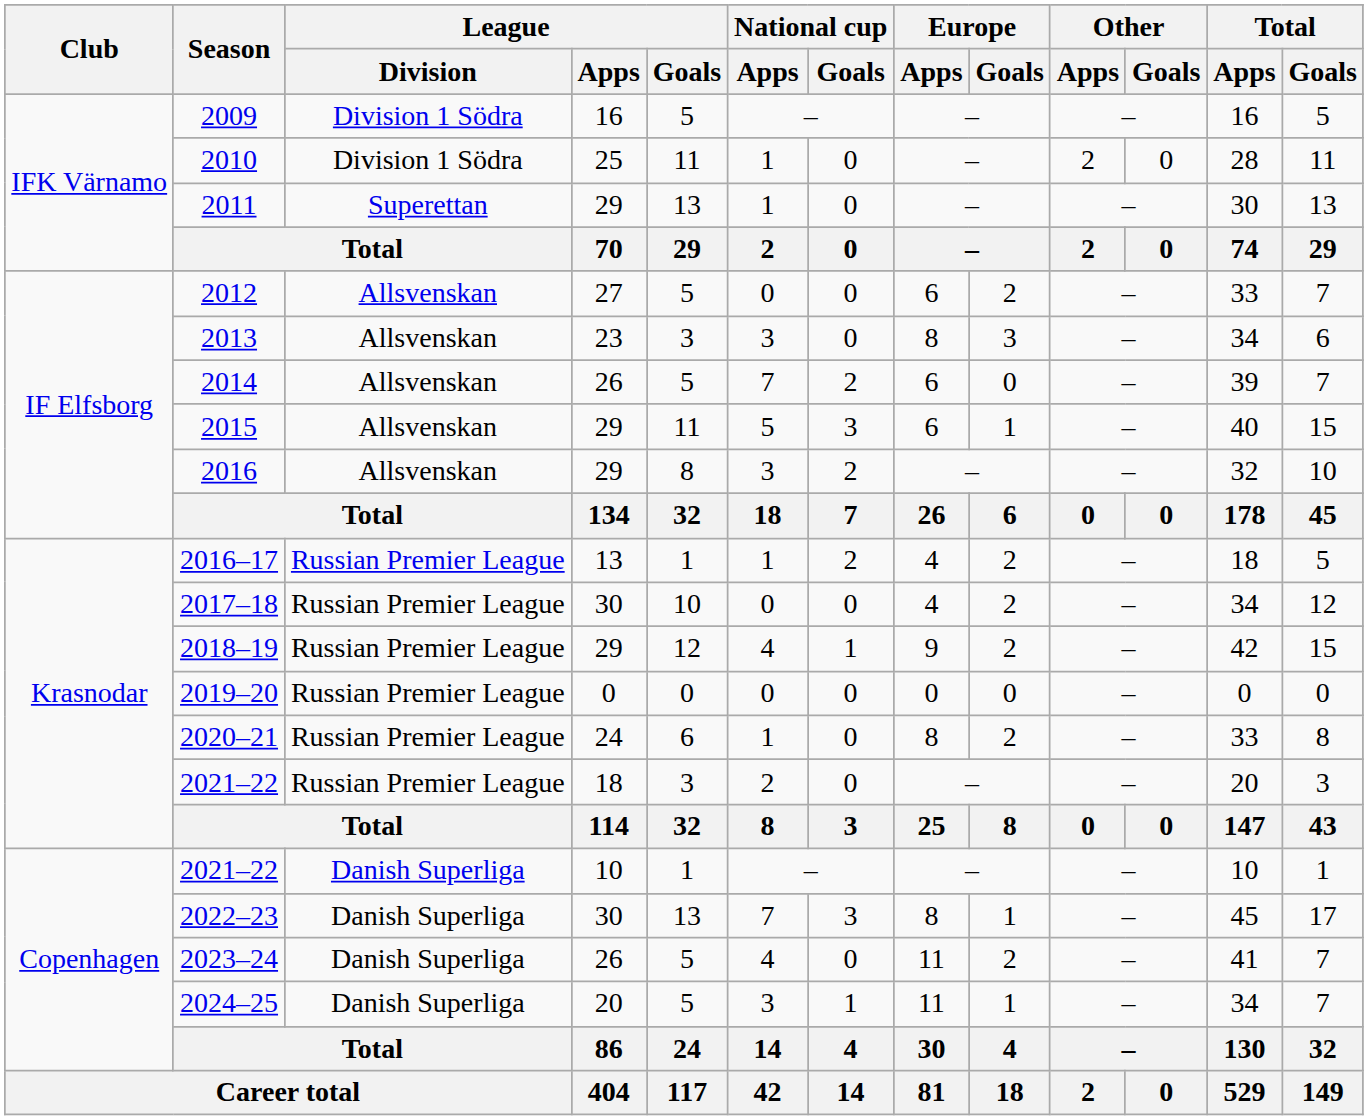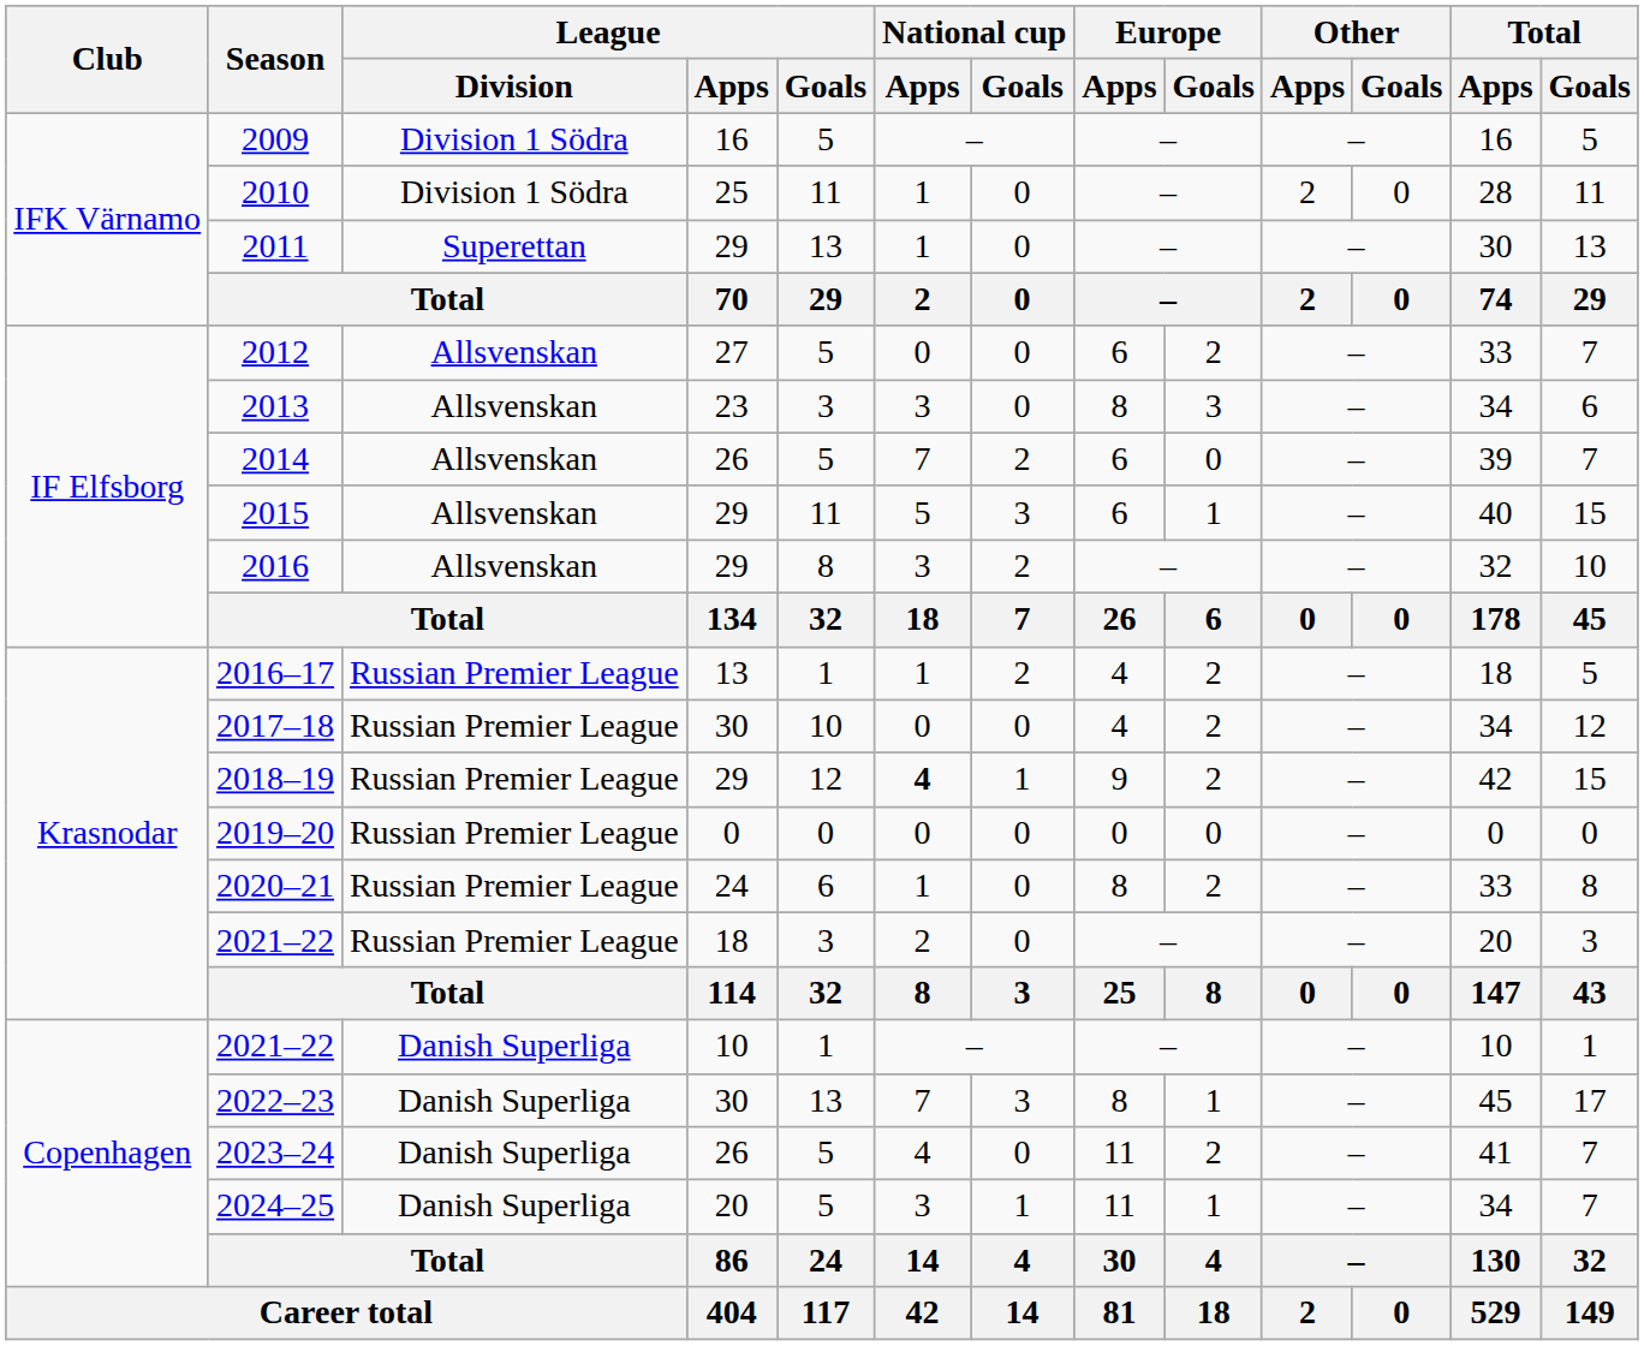 <table class="wikitable" style="text-align: center;">
 <tr>
 <th rowspan="2">Club</th>
 <th rowspan="2">Season</th>
 <th colspan="3">League</th>
 <th colspan="2">National cup</th>
 <th colspan="2">Europe</th>
 <th colspan="2">Other</th>
 <th colspan="2">Total</th>
 </tr>
 <tr>
 <th>Division</th>
 <th>Apps</th>
 <th>Goals</th>
 <th>Apps</th>
 <th>Goals</th>
 <th>Apps</th>
 <th>Goals</th>
 <th>Apps</th>
 <th>Goals</th>
 <th>Apps</th>
 <th>Goals</th>
 </tr>
 <tr>
 <td rowspan="4"><a href='#'>IFK Värnamo</a></td>
 <td><a href='#'>2009</a></td>
 <td><a href='#'>Division 1 Södra</a></td>
 <td>16</td>
 <td>5</td>
 <td colspan="2">–</td>
 <td colspan="2">–</td>
 <td colspan="2">–</td>
 <td>16</td>
 <td>5</td>
 </tr>
 <tr>
 <td><a href='#'>2010</a></td>
 <td>Division 1 Södra</td>
 <td>25</td>
 <td>11</td>
 <td>1</td>
 <td>0</td>
 <td colspan="2">–</td>
 <td>2</td>
 <td>0</td>
 <td>28</td>
 <td>11</td>
 </tr>
 <tr>
 <td><a href='#'>2011</a></td>
 <td><a href='#'>Superettan</a></td>
 <td>29</td>
 <td>13</td>
 <td>1</td>
 <td>0</td>
 <td colspan="2">–</td>
 <td colspan="2">–</td>
 <td>30</td>
 <td>13</td>
 </tr>
 <tr>
 <th colspan="2">Total</th>
 <th>70</th>
 <th>29</th>
 <th>2</th>
 <th>0</th>
 <th colspan="2">–</th>
 <th>2</th>
 <th>0</th>
 <th>74</th>
 <th>29</th>
 </tr>
 <tr>
 <td rowspan="6"><a href='#'>IF Elfsborg</a></td>
 <td><a href='#'>2012</a></td>
 <td><a href='#'>Allsvenskan</a></td>
 <td>27</td>
 <td>5</td>
 <td>0</td>
 <td>0</td>
 <td>6</td>
 <td>2</td>
 <td colspan="2">–</td>
 <td>33</td>
 <td>7</td>
 </tr>
 <tr>
 <td><a href='#'>2013</a></td>
 <td>Allsvenskan</td>
 <td>23</td>
 <td>3</td>
 <td>3</td>
 <td>0</td>
 <td>8</td>
 <td>3</td>
 <td colspan="2">–</td>
 <td>34</td>
 <td>6</td>
 </tr>
 <tr>
 <td><a href='#'>2014</a></td>
 <td>Allsvenskan</td>
 <td>26</td>
 <td>5</td>
 <td>7</td>
 <td>2</td>
 <td>6</td>
 <td>0</td>
 <td colspan="2">–</td>
 <td>39</td>
 <td>7</td>
 </tr>
 <tr>
 <td><a href='#'>2015</a></td>
 <td>Allsvenskan</td>
 <td>29</td>
 <td>11</td>
 <td>5</td>
 <td>3</td>
 <td>6</td>
 <td>1</td>
 <td colspan="2">–</td>
 <td>40</td>
 <td>15</td>
 </tr>
 <tr>
 <td><a href='#'>2016</a></td>
 <td>Allsvenskan</td>
 <td>29</td>
 <td>8</td>
 <td>3</td>
 <td>2</td>
 <td colspan="2">–</td>
 <td colspan="2">–</td>
 <td>32</td>
 <td>10</td>
 </tr>
 <tr>
 <th colspan="2">Total</th>
 <th>134</th>
 <th>32</th>
 <th>18</th>
 <th>7</th>
 <th>26</th>
 <th>6</th>
 <th>0</th>
 <th>0</th>
 <th>178</th>
 <th>45</th>
 </tr>
 <tr>
 <td rowspan="7"><a href='#'>Krasnodar</a></td>
 <td><a href='#'>2016–17</a></td>
 <td><a href='#'>Russian Premier League</a></td>
 <td>13</td>
 <td>1</td>
 <td>1</td>
 <td>2</td>
 <td>4</td>
 <td>2</td>
 <td colspan="2">–</td>
 <td>18</td>
 <td>5</td>
 </tr>
 <tr>
 <td><a href='#'>2017–18</a></td>
 <td>Russian Premier League</td>
 <td>30</td>
 <td>10</td>
 <td>0</td>
 <td>0</td>
 <td>4</td>
 <td>2</td>
 <td colspan="2">–</td>
 <td>34</td>
 <td>12</td>
 </tr>
 <tr>
 <td><a href='#'>2018–19</a></td>
 <td>Russian Premier League</td>
 <td>29</td>
 <td>12</td>
-<td>4</td>
+<td><strong>4</strong></td>
 <td>1</td>
 <td>9</td>
 <td>2</td>
 <td colspan="2">–</td>
 <td>42</td>
 <td>15</td>
 </tr>
 <tr>
 <td><a href='#'>2019–20</a></td>
 <td>Russian Premier League</td>
 <td>0</td>
 <td>0</td>
 <td>0</td>
 <td>0</td>
 <td>0</td>
 <td>0</td>
 <td colspan="2">–</td>
 <td>0</td>
 <td>0</td>
 </tr>
 <tr>
 <td><a href='#'>2020–21</a></td>
 <td>Russian Premier League</td>
 <td>24</td>
 <td>6</td>
 <td>1</td>
 <td>0</td>
 <td>8</td>
 <td>2</td>
 <td colspan="2">–</td>
 <td>33</td>
 <td>8</td>
 </tr>
 <tr>
 <td><a href='#'>2021–22</a></td>
 <td>Russian Premier League</td>
 <td>18</td>
 <td>3</td>
 <td>2</td>
 <td>0</td>
 <td colspan="2">–</td>
 <td colspan="2">–</td>
 <td>20</td>
 <td>3</td>
 </tr>
 <tr>
 <th colspan="2">Total</th>
 <th>114</th>
 <th>32</th>
 <th>8</th>
 <th>3</th>
 <th>25</th>
 <th>8</th>
 <th>0</th>
 <th>0</th>
 <th>147</th>
 <th>43</th>
 </tr>
 <tr>
 <td rowspan="5"><a href='#'>Copenhagen</a></td>
 <td><a href='#'>2021–22</a></td>
 <td><a href='#'>Danish Superliga</a></td>
 <td>10</td>
 <td>1</td>
 <td colspan="2">–</td>
 <td colspan="2">–</td>
 <td colspan="2">–</td>
 <td>10</td>
 <td>1</td>
 </tr>
 <tr>
 <td><a href='#'>2022–23</a></td>
 <td>Danish Superliga</td>
 <td>30</td>
 <td>13</td>
 <td>7</td>
 <td>3</td>
 <td>8</td>
 <td>1</td>
 <td colspan="2">–</td>
 <td>45</td>
 <td>17</td>
 </tr>
 <tr>
 <td><a href='#'>2023–24</a></td>
 <td>Danish Superliga</td>
 <td>26</td>
 <td>5</td>
 <td>4</td>
 <td>0</td>
 <td>11</td>
 <td>2</td>
 <td colspan="2">–</td>
 <td>41</td>
 <td>7</td>
 </tr>
 <tr>
 <td><a href='#'>2024–25</a></td>
 <td>Danish Superliga</td>
 <td>20</td>
 <td>5</td>
 <td>3</td>
 <td>1</td>
 <td>11</td>
 <td>1</td>
 <td colspan="2">–</td>
 <td>34</td>
 <td>7</td>
 </tr>
 <tr>
 <th colspan="2">Total</th>
 <th>86</th>
 <th>24</th>
 <th>14</th>
 <th>4</th>
 <th>30</th>
 <th>4</th>
 <th colspan="2">–</th>
 <th>130</th>
 <th>32</th>
 </tr>
 <tr>
 <th colspan="3">Career total</th>
 <th>404</th>
 <th>117</th>
 <th>42</th>
 <th>14</th>
 <th>81</th>
 <th>18</th>
 <th>2</th>
 <th>0</th>
 <th>529</th>
 <th>149</th>
 </tr>
 </table>
